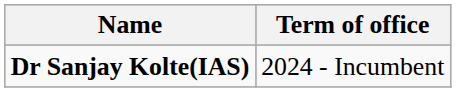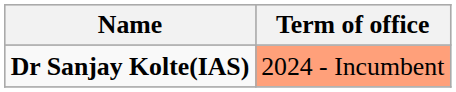 <table class="wikitable">
 <tr>
 <th>Name</th>
 <th>Term of office</th>
 </tr>
 <tr>
 <td><strong>Dr Sanjay Kolte(IAS)</strong></td>
-<td>2024 - Incumbent</td>
+<td style="background: lightsalmon;">2024 - Incumbent</td>
 </tr>
 </table>
